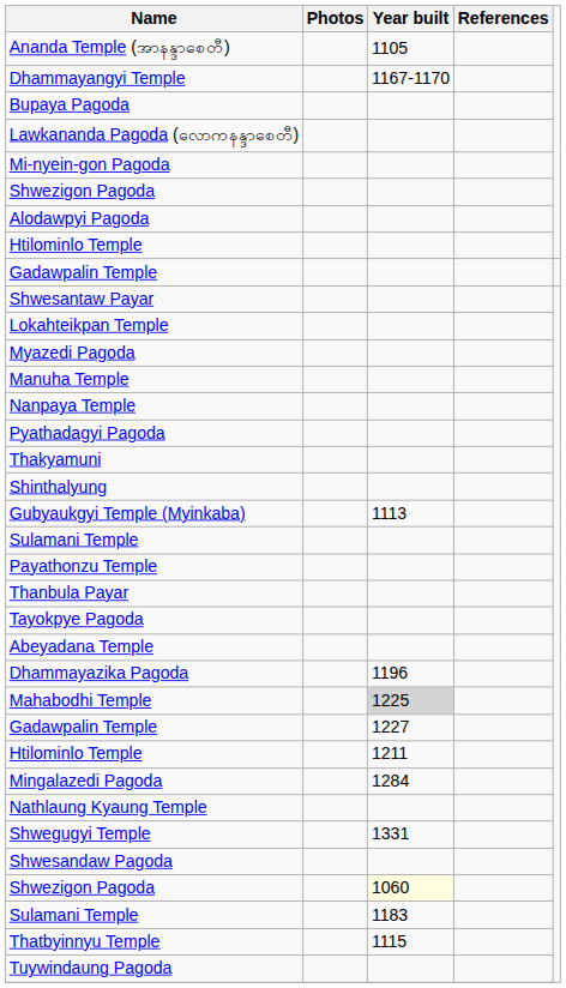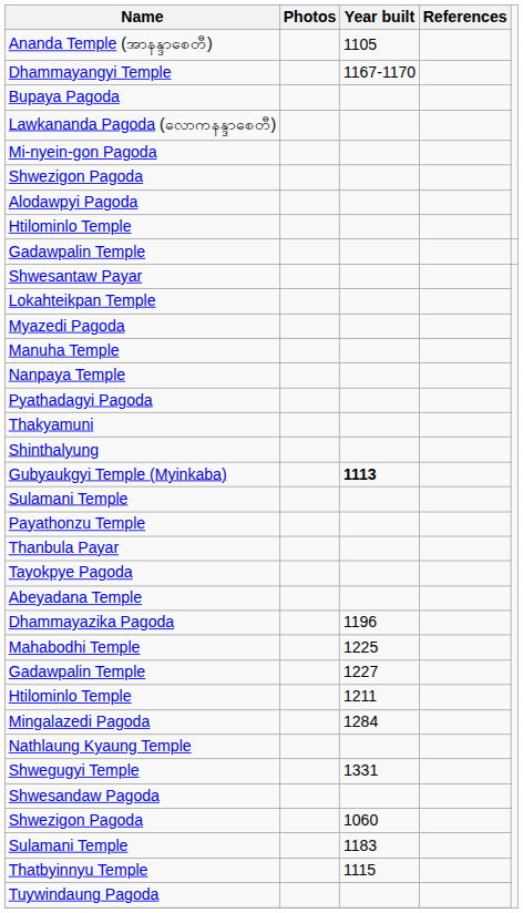 <table class="wikitable sortable" border="1">
 <tr>
 <th>Name</th>
 <th>Photos</th>
 <th>Year built</th>
 <th>References</th>
 </tr>
 <tr>
 <td><a href='#'>Ananda Temple</a> (အာနန္ဒာစေတီ)</td>
 <td></td>
 <td>1105</td>
 <td></td>
 </tr>
 <tr>
 <td><a href='#'>Dhammayangyi Temple</a></td>
 <td></td>
 <td>1167-1170</td>
 <td></td>
 </tr>
 <tr>
 <td><a href='#'>Bupaya Pagoda</a></td>
 <td></td>
 <td></td>
 <td></td>
 </tr>
 <tr>
 <td><a href='#'>Lawkananda Pagoda</a> (လောကနန္ဒာစေတီ)</td>
 <td></td>
 <td></td>
 <td></td>
 </tr>
 <tr>
 <td><a href='#'>Mi-nyein-gon Pagoda</a></td>
 <td></td>
 <td></td>
 <td></td>
 </tr>
 <tr>
 <td><a href='#'>Shwezigon Pagoda</a></td>
 <td></td>
 <td></td>
 <td></td>
 </tr>
 <tr>
 <td><a href='#'>Alodawpyi Pagoda</a></td>
 <td></td>
 <td></td>
 <td></td>
 </tr>
 <tr>
 <td><a href='#'>Htilominlo Temple</a></td>
 <td></td>
 <td></td>
 <td></td>
 </tr>
 <tr>
 <td><a href='#'>Gadawpalin Temple</a></td>
 <td></td>
 <td></td>
 <td></td>
 <td></td>
 </tr>
 <tr>
 <td><a href='#'>Shwesantaw Payar</a></td>
 <td></td>
 <td></td>
 <td></td>
 </tr>
 <tr>
 <td><a href='#'>Lokahteikpan Temple</a></td>
 <td></td>
 <td></td>
 <td></td>
 </tr>
 <tr>
 <td><a href='#'>Myazedi Pagoda</a></td>
 <td></td>
 <td></td>
 <td></td>
 </tr>
 <tr>
 <td><a href='#'>Manuha Temple</a></td>
 <td></td>
 <td></td>
 <td></td>
 </tr>
 <tr>
 <td><a href='#'>Nanpaya Temple</a></td>
 <td></td>
 <td></td>
 <td></td>
 </tr>
 <tr>
 <td><a href='#'>Pyathadagyi Pagoda</a></td>
 <td></td>
 <td></td>
 <td></td>
 </tr>
 <tr>
 <td><a href='#'>Thakyamuni</a></td>
 <td></td>
 <td></td>
 <td></td>
 </tr>
 <tr>
 <td><a href='#'>Shinthalyung</a></td>
 <td></td>
 <td></td>
 <td></td>
 </tr>
 <tr>
 <td><a href='#'>Gubyaukgyi Temple (Myinkaba)</a></td>
 <td></td>
-<td>1113</td>
+<td><strong>1113</strong></td>
 <td></td>
 </tr>
 <tr>
 <td><a href='#'>Sulamani Temple</a></td>
 <td></td>
 <td></td>
 <td></td>
 </tr>
 <tr>
 <td><a href='#'>Payathonzu Temple</a></td>
 <td></td>
 <td></td>
 <td></td>
 </tr>
 <tr>
 <td><a href='#'>Thanbula Payar</a></td>
 <td></td>
 <td></td>
 <td></td>
 </tr>
 <tr>
 <td><a href='#'>Tayokpye Pagoda</a></td>
 <td></td>
 <td></td>
 <td></td>
 </tr>
 <tr>
 <td><a href='#'>Abeyadana Temple</a></td>
 <td></td>
 <td></td>
 <td></td>
 </tr>
 <tr>
 <td><a href='#'>Dhammayazika Pagoda</a></td>
 <td></td>
 <td>1196</td>
 <td></td>
 </tr>
 <tr>
 <td><a href='#'>Mahabodhi Temple</a></td>
 <td></td>
-<td style="background: lightgrey;">1225</td>
+<td>1225</td>
 <td></td>
 </tr>
 <tr>
 <td><a href='#'>Gadawpalin Temple</a></td>
 <td></td>
 <td>1227</td>
 <td></td>
 </tr>
 <tr>
 <td><a href='#'>Htilominlo Temple</a></td>
 <td></td>
 <td>1211</td>
 <td></td>
 </tr>
 <tr>
 <td><a href='#'>Mingalazedi Pagoda</a></td>
 <td></td>
 <td>1284</td>
 <td></td>
 </tr>
 <tr>
 <td><a href='#'>Nathlaung Kyaung Temple</a></td>
 <td></td>
 <td></td>
 <td></td>
 </tr>
 <tr>
 <td><a href='#'>Shwegugyi Temple</a></td>
 <td></td>
 <td>1331</td>
 <td></td>
 </tr>
 <tr>
 <td><a href='#'>Shwesandaw Pagoda</a></td>
 <td></td>
 <td></td>
 <td></td>
 </tr>
 <tr>
 <td><a href='#'>Shwezigon Pagoda</a></td>
 <td></td>
-<td style="background: lightyellow;">1060</td>
+<td>1060</td>
 <td></td>
 </tr>
 <tr>
 <td><a href='#'>Sulamani Temple</a></td>
 <td></td>
 <td>1183</td>
 <td></td>
 </tr>
 <tr>
 <td><a href='#'>Thatbyinnyu Temple</a></td>
 <td></td>
 <td>1115</td>
 <td></td>
 </tr>
 <tr>
 <td><a href='#'>Tuywindaung Pagoda</a></td>
 <td></td>
 <td></td>
 <td></td>
 </tr>
 <tr>
 </tr>
 </table>
